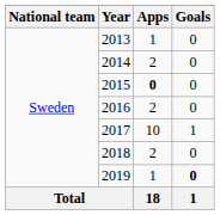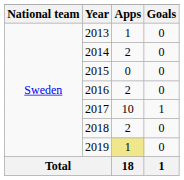 <table class="wikitable" style="text-align:center">
 <tr>
 </tr>
 <tr>
 <th>National team</th>
 <th>Year</th>
 <th>Apps</th>
 <th>Goals</th>
 </tr>
 <tr>
 <td rowspan="7"><a href='#'>Sweden</a></td>
 <td>2013</td>
 <td>1</td>
 <td>0</td>
 </tr>
 <tr>
 <td>2014</td>
 <td>2</td>
 <td>0</td>
 </tr>
 <tr>
 <td>2015</td>
-<td><strong>0</strong></td>
+<td>0</td>
 <td>0</td>
 </tr>
 <tr>
 <td>2016</td>
 <td>2</td>
 <td>0</td>
 </tr>
 <tr>
 <td>2017</td>
 <td>10</td>
 <td>1</td>
 </tr>
 <tr>
 <td>2018</td>
 <td>2</td>
 <td>0</td>
 </tr>
 <tr>
 <td>2019</td>
-<td>1</td>
-<td><strong>0</strong></td>
+<td style="background: khaki;">1</td>
+<td>0</td>
 </tr>
 <tr>
 <th colspan="2">Total</th>
 <th>18</th>
 <th>1</th>
 </tr>
 </table>
